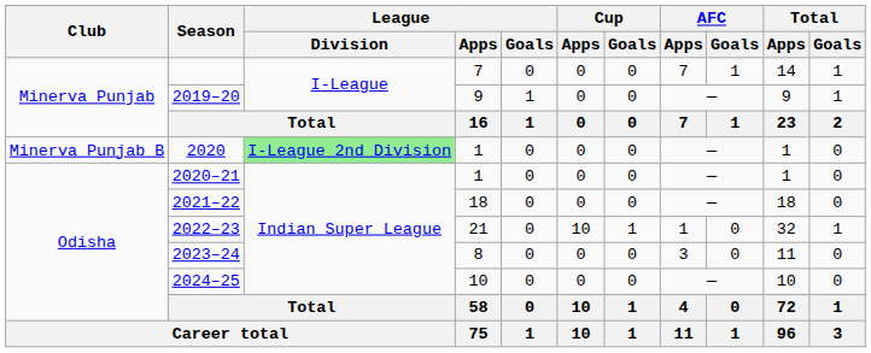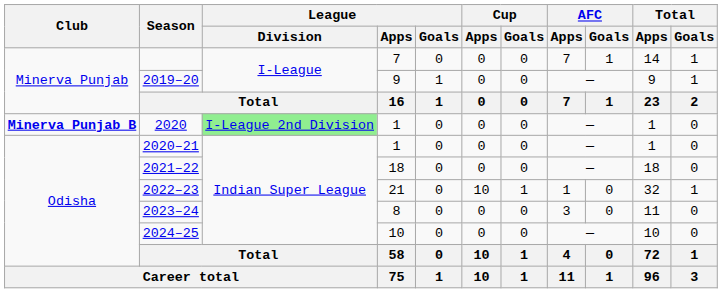 <table class="wikitable" style="text-align: center;">
 <tr>
 <th rowspan="2">Club</th>
 <th rowspan="2">Season</th>
 <th colspan="3">League</th>
 <th colspan="2">Cup</th>
 <th colspan="2"><a href='#'>AFC</a></th>
 <th colspan="2">Total</th>
 </tr>
 <tr>
 <th>Division</th>
 <th>Apps</th>
 <th>Goals</th>
 <th>Apps</th>
 <th>Goals</th>
 <th>Apps</th>
 <th>Goals</th>
 <th>Apps</th>
 <th>Goals</th>
 </tr>
 <tr>
 <td rowspan="3"><a href='#'>Minerva Punjab</a></td>
 <td></td>
 <td rowspan="2"><a href='#'>I-League</a></td>
 <td>7</td>
 <td>0</td>
 <td>0</td>
 <td>0</td>
 <td>7</td>
 <td>1</td>
 <td>14</td>
 <td>1</td>
 </tr>
 <tr>
 <td><a href='#'>2019–20</a></td>
 <td>9</td>
 <td>1</td>
 <td>0</td>
 <td>0</td>
 <td colspan="2">—</td>
 <td>9</td>
 <td>1</td>
 </tr>
 <tr>
 <th colspan="2">Total</th>
 <th>16</th>
 <th>1</th>
 <th>0</th>
 <th>0</th>
 <th>7</th>
 <th>1</th>
 <th>23</th>
 <th>2</th>
 </tr>
 <tr>
-<td><a href='#'>Minerva Punjab B</a></td>
+<td><strong><a href='#'>Minerva Punjab B</a></strong></td>
 <td><a href='#'>2020</a></td>
 <td style="background: lightgreen;"><a href='#'>I-League 2nd Division</a></td>
 <td>1</td>
 <td>0</td>
 <td>0</td>
 <td>0</td>
 <td colspan="2">—</td>
 <td>1</td>
 <td>0</td>
 </tr>
 <tr>
 <td rowspan="6"><a href='#'>Odisha</a></td>
 <td><a href='#'>2020–21</a></td>
 <td rowspan="5"><a href='#'>Indian Super League</a></td>
 <td>1</td>
 <td>0</td>
 <td>0</td>
 <td>0</td>
 <td colspan="2">—</td>
 <td>1</td>
 <td>0</td>
 </tr>
 <tr>
 <td><a href='#'>2021–22</a></td>
 <td>18</td>
 <td>0</td>
 <td>0</td>
 <td>0</td>
 <td colspan="2">—</td>
 <td>18</td>
 <td>0</td>
 </tr>
 <tr>
 <td><a href='#'>2022–23</a></td>
 <td>21</td>
 <td>0</td>
 <td>10</td>
 <td>1</td>
 <td>1</td>
 <td>0</td>
 <td>32</td>
 <td>1</td>
 </tr>
 <tr>
 <td><a href='#'>2023–24</a></td>
 <td>8</td>
 <td>0</td>
 <td>0</td>
 <td>0</td>
 <td>3</td>
 <td>0</td>
 <td>11</td>
 <td>0</td>
 </tr>
 <tr>
 <td><a href='#'>2024–25</a></td>
 <td>10</td>
 <td>0</td>
 <td>0</td>
 <td>0</td>
 <td colspan="2">—</td>
 <td>10</td>
 <td>0</td>
 </tr>
 <tr>
 <th colspan="2">Total</th>
 <th>58</th>
 <th>0</th>
 <th>10</th>
 <th>1</th>
 <th>4</th>
 <th>0</th>
 <th>72</th>
 <th>1</th>
 </tr>
 <tr>
 <th colspan="3">Career total</th>
 <th>75</th>
 <th>1</th>
 <th>10</th>
 <th>1</th>
 <th>11</th>
 <th>1</th>
 <th>96</th>
 <th>3</th>
 </tr>
 </table>
